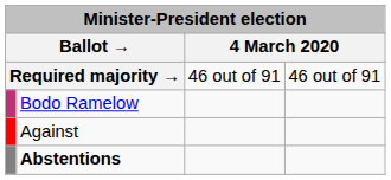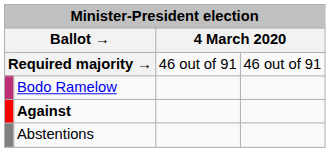 <table class="wikitable" style="text-align:center; font-size:98%;">
 <tr>
 <td colspan=5 align="center" bgcolor="#C0C0C0"><strong>Minister-President election</strong></td>
 </tr>
 <tr>
 <th colspan=2 style="width:150px;">Ballot →</th>
 <th colspan=3>4 March 2020</th>
 </tr>
 <tr>
 <th colspan=2>Required majority →</th>
 <td>46 out of 91 </td>
 <td>46 out of 91</td>
 </tr>
 <tr>
 <td bgcolor=#BE3075></td>
 <td style="text-align:left;"><a href='#'>Bodo Ramelow</a></td>
 <td></td>
 <td><strong></strong></td>
 </tr>
 <tr>
 <td bgcolor=red></td>
-<td style="text-align:left;">Against</td>
+<td style="text-align:left;"><strong>Against</strong></td>
 <td></td>
 <td></td>
 </tr>
 <tr>
 <td style="background:gray;"></td>
-<td style="text-align:left;"><strong>Abstentions</strong></td>
+<td style="text-align:left;">Abstentions</td>
 <td></td>
 <td></td>
 </tr>
 </table>
